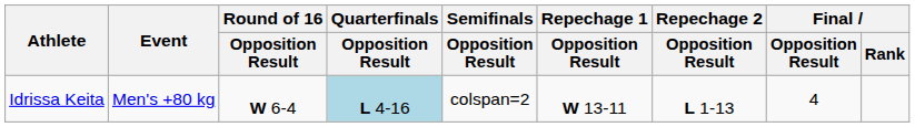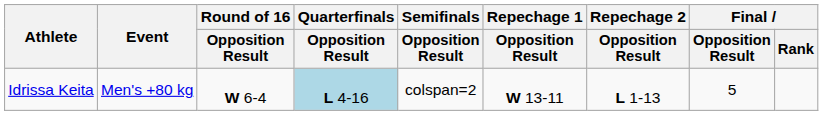 <table class="wikitable" style="font-size:90%;">
 <tr>
 <th rowspan=2>Athlete</th>
 <th rowspan=2>Event</th>
 <th>Round of 16</th>
 <th>Quarterfinals</th>
 <th>Semifinals</th>
 <th>Repechage 1</th>
 <th>Repechage 2</th>
 <th colspan=2>Final / </th>
 </tr>
 <tr style="font-size:95%">
 <th>Opposition<br>Result</th>
 <th>Opposition<br>Result</th>
 <th>Opposition<br>Result</th>
 <th>Opposition<br>Result</th>
 <th>Opposition<br>Result</th>
 <th>Opposition<br>Result</th>
 <th>Rank</th>
 </tr>
 <tr align=center>
 <td align=left><a href='#'>Idrissa Keita</a></td>
 <td align=left><a href='#'>Men's +80 kg</a></td>
 <td><br><strong>W</strong> 6-4</td>
 <td style="background: lightblue;"><br><strong>L</strong> 4-16</td>
 <td>colspan=2 </td>
 <td><br><strong>W</strong> 13-11</td>
 <td><br><strong>L</strong> 1-13</td>
-<td>4</td>
+<td>5</td>
 </tr>
 </table>
